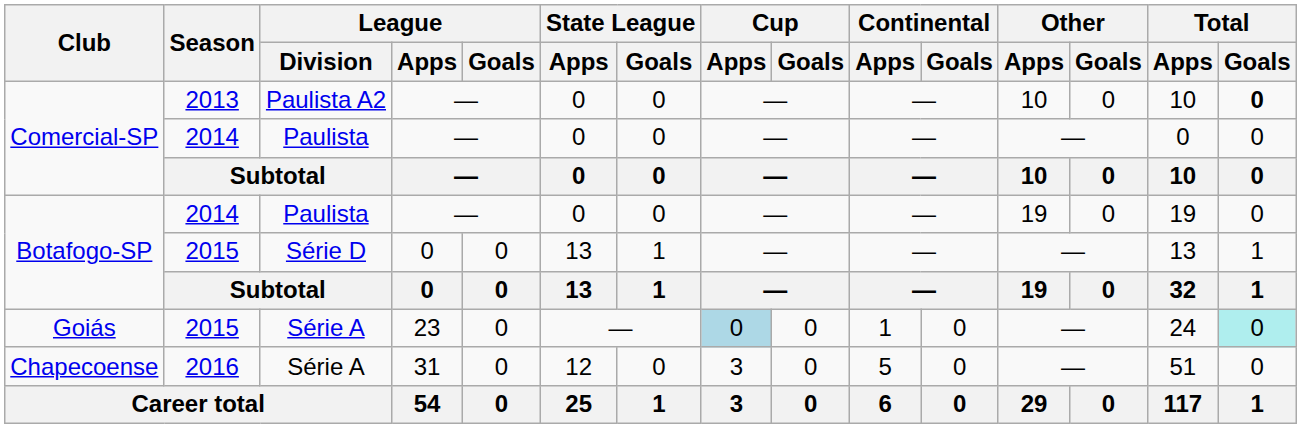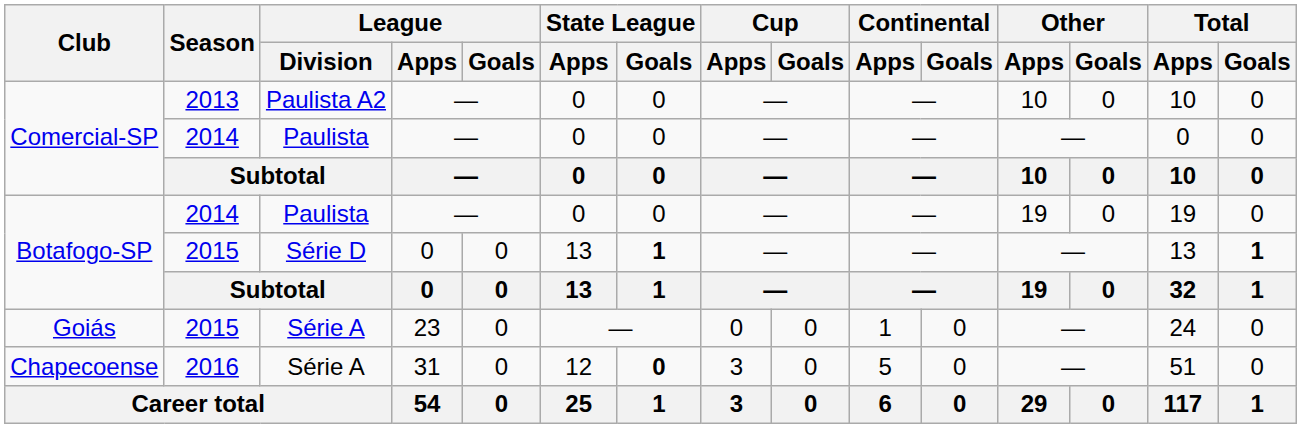 <table class="wikitable" style="text-align: center;">
 <tr>
 <th rowspan="2">Club</th>
 <th rowspan="2">Season</th>
 <th colspan="3">League</th>
 <th colspan="2">State League</th>
 <th colspan="2">Cup</th>
 <th colspan="2">Continental</th>
 <th colspan="2">Other</th>
 <th colspan="2">Total</th>
 </tr>
 <tr>
 <th>Division</th>
 <th>Apps</th>
 <th>Goals</th>
 <th>Apps</th>
 <th>Goals</th>
 <th>Apps</th>
 <th>Goals</th>
 <th>Apps</th>
 <th>Goals</th>
 <th>Apps</th>
 <th>Goals</th>
 <th>Apps</th>
 <th>Goals</th>
 </tr>
 <tr>
 <td rowspan="3" valign="center"><a href='#'>Comercial-SP</a></td>
 <td><a href='#'>2013</a></td>
 <td><a href='#'>Paulista A2</a></td>
 <td colspan="2">—</td>
 <td>0</td>
 <td>0</td>
 <td colspan="2">—</td>
 <td colspan="2">—</td>
 <td>10</td>
 <td>0</td>
 <td>10</td>
-<td><strong>0</strong></td>
+<td>0</td>
 </tr>
 <tr>
 <td><a href='#'>2014</a></td>
 <td><a href='#'>Paulista</a></td>
 <td colspan="2">—</td>
 <td>0</td>
 <td>0</td>
 <td colspan="2">—</td>
 <td colspan="2">—</td>
 <td colspan="2">—</td>
 <td>0</td>
 <td>0</td>
 </tr>
 <tr>
 <th colspan="2">Subtotal</th>
 <th colspan="2">—</th>
 <th>0</th>
 <th>0</th>
 <th colspan="2">—</th>
 <th colspan="2">—</th>
 <th>10</th>
 <th>0</th>
 <th>10</th>
 <th>0</th>
 </tr>
 <tr>
 <td rowspan="3" valign="center"><a href='#'>Botafogo-SP</a></td>
 <td><a href='#'>2014</a></td>
 <td><a href='#'>Paulista</a></td>
 <td colspan="2">—</td>
 <td>0</td>
 <td>0</td>
 <td colspan="2">—</td>
 <td colspan="2">—</td>
 <td>19</td>
 <td>0</td>
 <td>19</td>
 <td>0</td>
 </tr>
 <tr>
 <td><a href='#'>2015</a></td>
 <td><a href='#'>Série D</a></td>
 <td>0</td>
 <td>0</td>
 <td>13</td>
-<td>1</td>
+<td><strong>1</strong></td>
 <td colspan="2">—</td>
 <td colspan="2">—</td>
 <td colspan="2">—</td>
 <td>13</td>
-<td>1</td>
+<td><strong>1</strong></td>
 </tr>
 <tr>
 <th colspan="2">Subtotal</th>
 <th>0</th>
 <th>0</th>
 <th>13</th>
 <th>1</th>
 <th colspan="2">—</th>
 <th colspan="2">—</th>
 <th>19</th>
 <th>0</th>
 <th>32</th>
 <th>1</th>
 </tr>
 <tr>
 <td valign="center"><a href='#'>Goiás</a></td>
 <td><a href='#'>2015</a></td>
 <td><a href='#'>Série A</a></td>
 <td>23</td>
 <td>0</td>
 <td colspan="2">—</td>
-<td style="background: lightblue;">0</td>
+<td>0</td>
 <td>0</td>
 <td>1</td>
 <td>0</td>
 <td colspan="2">—</td>
 <td>24</td>
-<td style="background: paleturquoise;">0</td>
+<td>0</td>
 </tr>
 <tr>
 <td valign="center"><a href='#'>Chapecoense</a></td>
 <td><a href='#'>2016</a></td>
 <td>Série A</td>
 <td>31</td>
 <td>0</td>
 <td>12</td>
-<td>0</td>
+<td><strong>0</strong></td>
 <td>3</td>
 <td>0</td>
 <td>5</td>
 <td>0</td>
 <td colspan="2">—</td>
 <td>51</td>
 <td>0</td>
 </tr>
 <tr>
 <th colspan="3"><strong>Career total</strong></th>
 <th>54</th>
 <th>0</th>
 <th>25</th>
 <th>1</th>
 <th>3</th>
 <th>0</th>
 <th>6</th>
 <th>0</th>
 <th>29</th>
 <th>0</th>
 <th>117</th>
 <th>1</th>
 </tr>
 </table>
